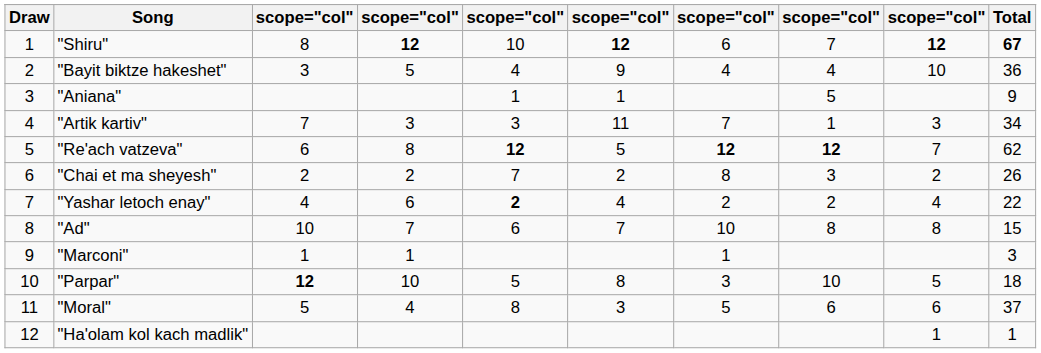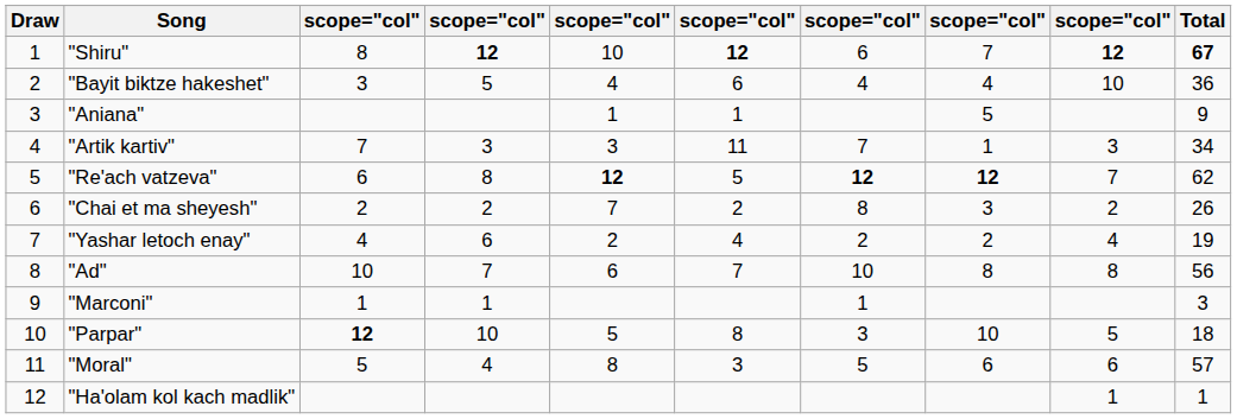 <table class="wikitable plainrowheaders" style="margin: 1em auto 1em auto; text-align:center;">
 <tr>
 </tr>
 <tr>
 <th scope="col">Draw</th>
 <th scope="col">Song</th>
 <th>scope="col" </th>
 <th>scope="col" </th>
 <th>scope="col" </th>
 <th>scope="col" </th>
 <th>scope="col" </th>
 <th>scope="col" </th>
 <th>scope="col" </th>
 <th scope="col">Total</th>
 </tr>
 <tr>
 <td>1</td>
 <td align="left">"Shiru"</td>
 <td>8</td>
 <td><strong>12</strong></td>
 <td>10</td>
 <td><strong>12</strong></td>
 <td>6</td>
 <td>7</td>
 <td><strong>12</strong></td>
 <td><strong>67</strong></td>
 </tr>
 <tr>
 <td>2</td>
 <td align="left">"Bayit biktze hakeshet"</td>
 <td>3</td>
 <td>5</td>
 <td>4</td>
-<td>9</td>
+<td>6</td>
 <td>4</td>
 <td>4</td>
 <td>10</td>
 <td>36</td>
 </tr>
 <tr>
 <td>3</td>
 <td align="left">"Aniana"</td>
 <td></td>
 <td></td>
 <td>1</td>
 <td>1</td>
 <td></td>
 <td>5</td>
 <td></td>
 <td>9</td>
 </tr>
 <tr>
 <td>4</td>
 <td align="left">"Artik kartiv"</td>
 <td>7</td>
 <td>3</td>
 <td>3</td>
 <td>11</td>
 <td>7</td>
 <td>1</td>
 <td>3</td>
 <td>34</td>
 </tr>
 <tr>
 <td>5</td>
 <td align="left">"Re'ach vatzeva"</td>
 <td>6</td>
 <td>8</td>
 <td><strong>12</strong></td>
 <td>5</td>
 <td><strong>12</strong></td>
 <td><strong>12</strong></td>
 <td>7</td>
 <td>62</td>
 </tr>
 <tr>
 <td>6</td>
 <td align="left">"Chai et ma sheyesh"</td>
 <td>2</td>
 <td>2</td>
 <td>7</td>
 <td>2</td>
 <td>8</td>
 <td>3</td>
 <td>2</td>
 <td>26</td>
 </tr>
 <tr>
 <td>7</td>
 <td align="left">"Yashar letoch enay"</td>
 <td>4</td>
 <td>6</td>
-<td><strong>2</strong></td>
+<td>2</td>
 <td>4</td>
 <td>2</td>
 <td>2</td>
 <td>4</td>
-<td>22</td>
+<td>19</td>
 </tr>
 <tr>
 <td>8</td>
 <td align="left">"Ad"</td>
 <td>10</td>
 <td>7</td>
 <td>6</td>
 <td>7</td>
 <td>10</td>
 <td>8</td>
 <td>8</td>
-<td>15</td>
+<td>56</td>
 </tr>
 <tr>
 <td>9</td>
 <td align="left">"Marconi"</td>
 <td>1</td>
 <td>1</td>
 <td></td>
 <td></td>
 <td>1</td>
 <td></td>
 <td></td>
 <td>3</td>
 </tr>
 <tr>
 <td>10</td>
 <td align="left">"Parpar"</td>
 <td><strong>12</strong></td>
 <td>10</td>
 <td>5</td>
 <td>8</td>
 <td>3</td>
 <td>10</td>
 <td>5</td>
 <td>18</td>
 </tr>
 <tr>
 <td>11</td>
 <td align="left">"Moral"</td>
 <td>5</td>
 <td>4</td>
 <td>8</td>
 <td>3</td>
 <td>5</td>
 <td>6</td>
 <td>6</td>
-<td>37</td>
+<td>57</td>
 </tr>
 <tr>
 <td>12</td>
 <td align="left">"Ha'olam kol kach madlik"</td>
 <td></td>
 <td></td>
 <td></td>
 <td></td>
 <td></td>
 <td></td>
 <td>1</td>
 <td>1</td>
 </tr>
 </table>
